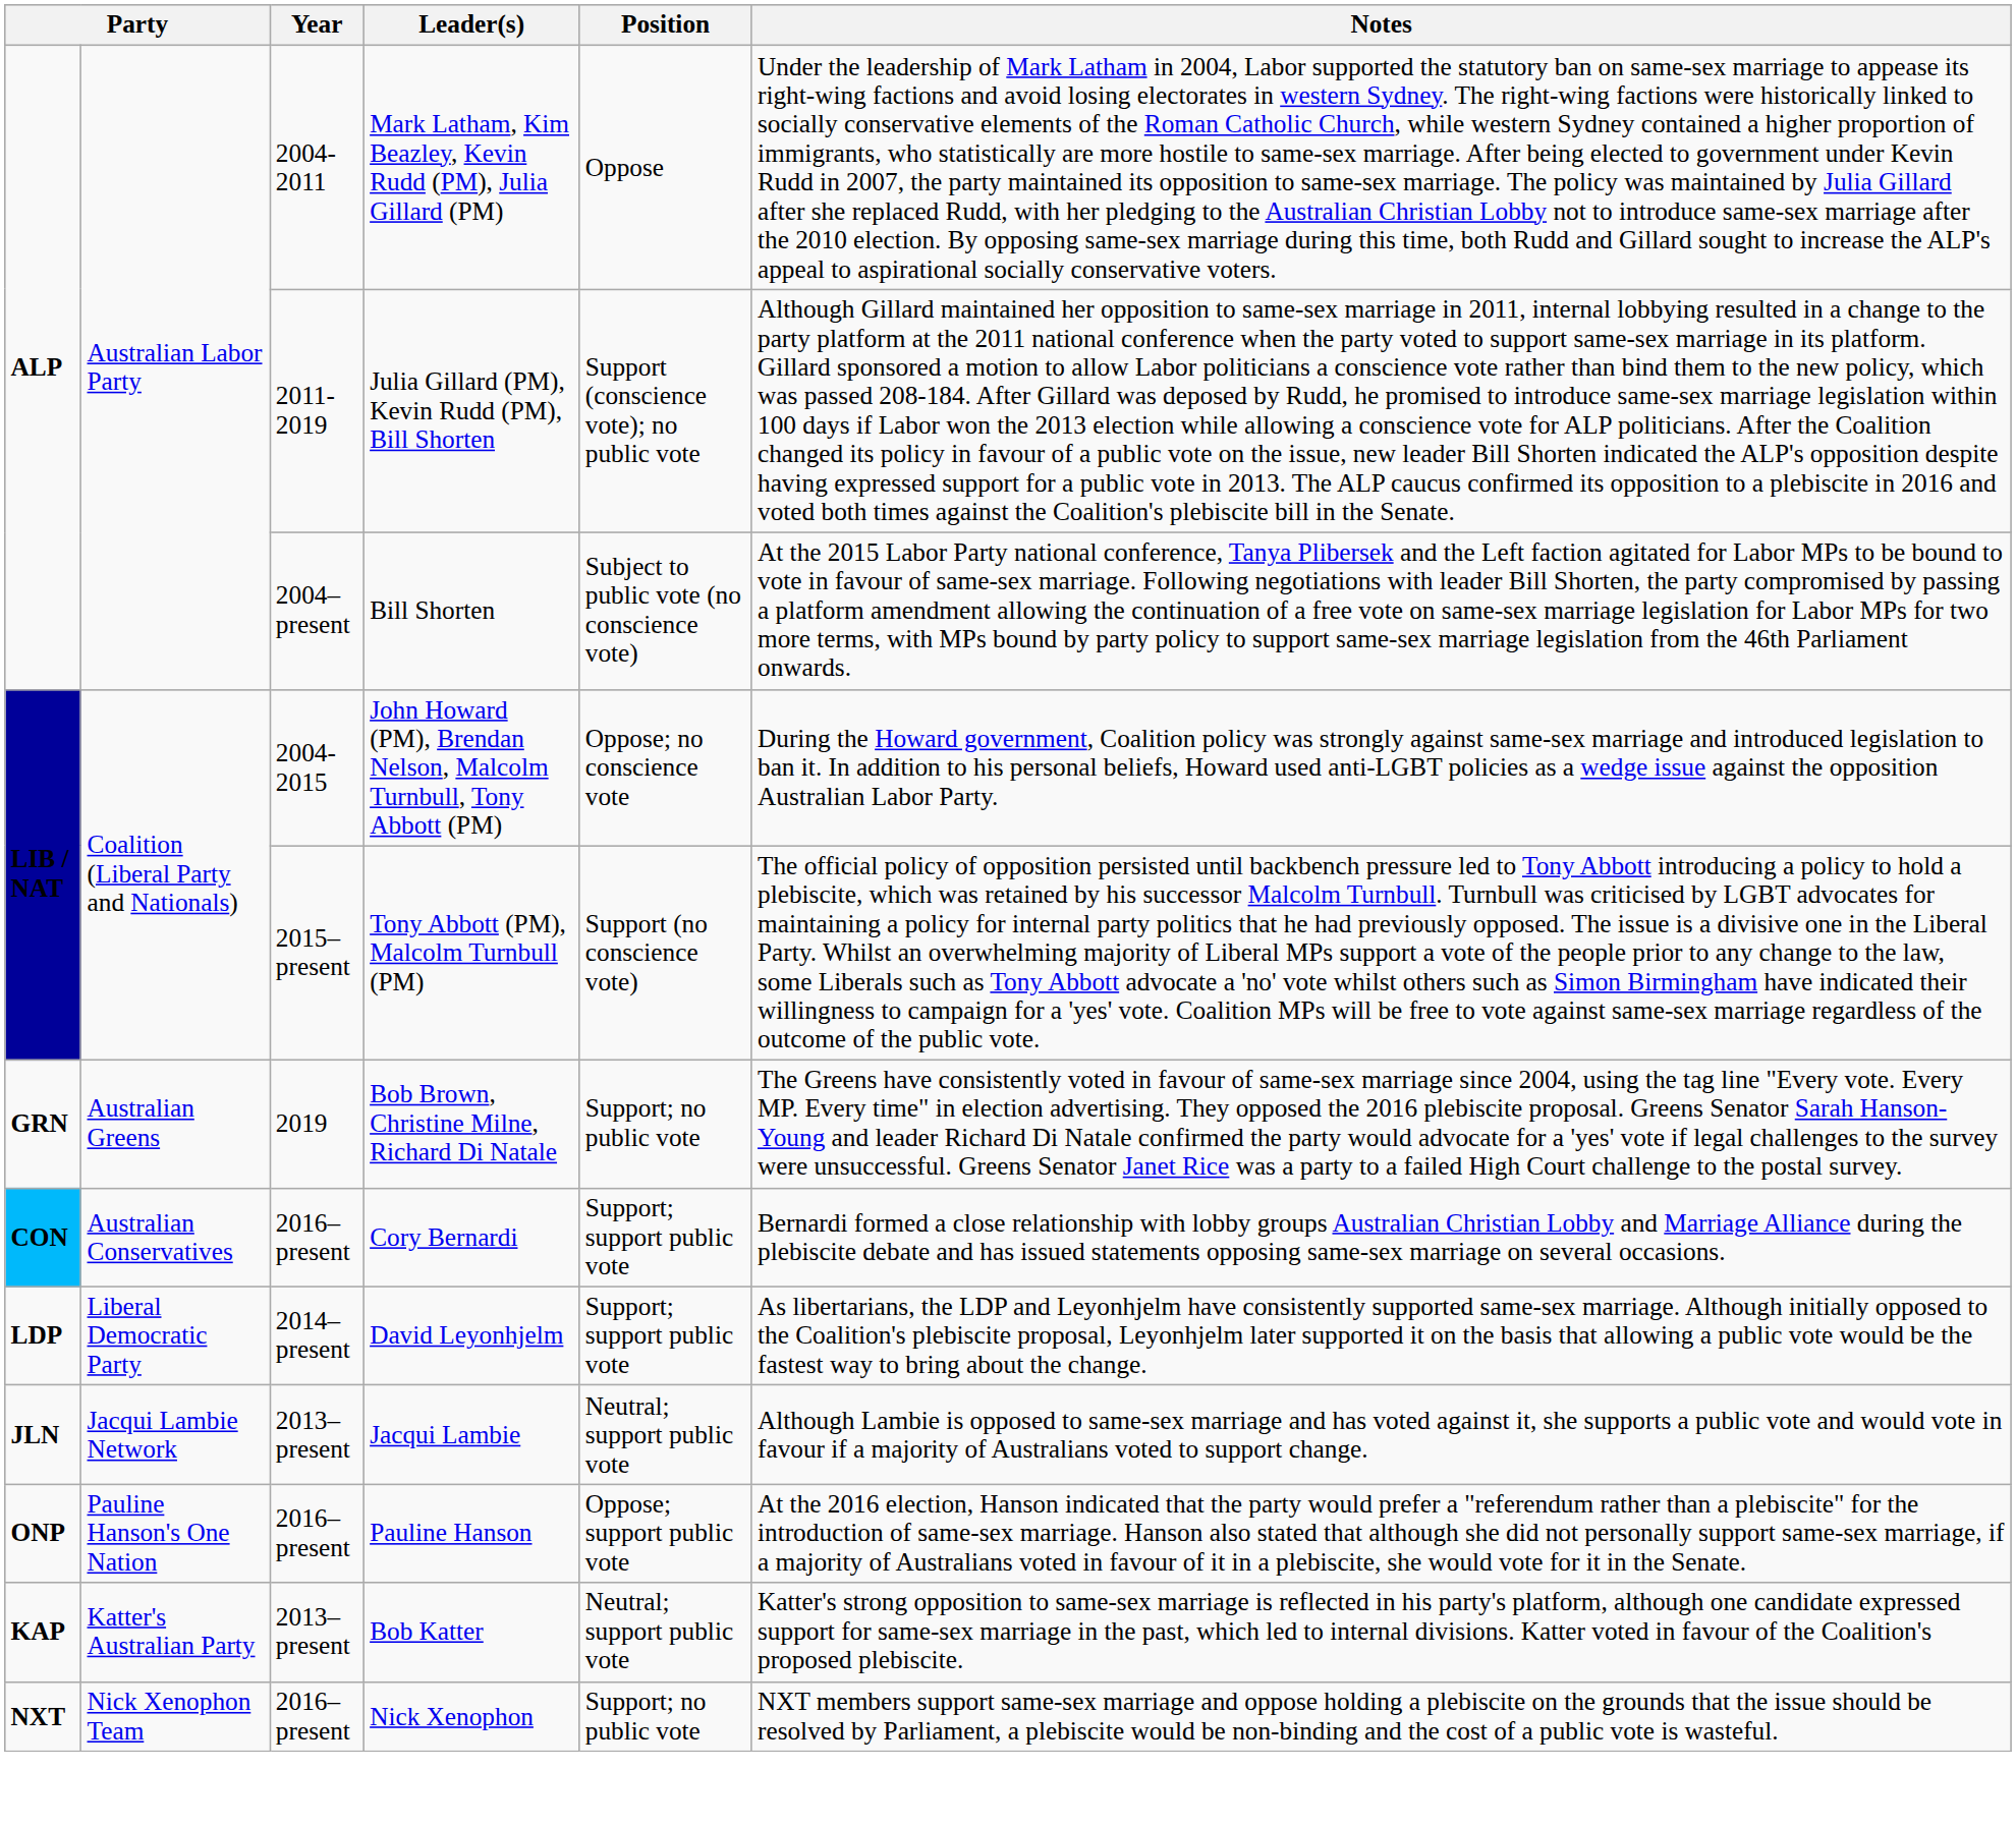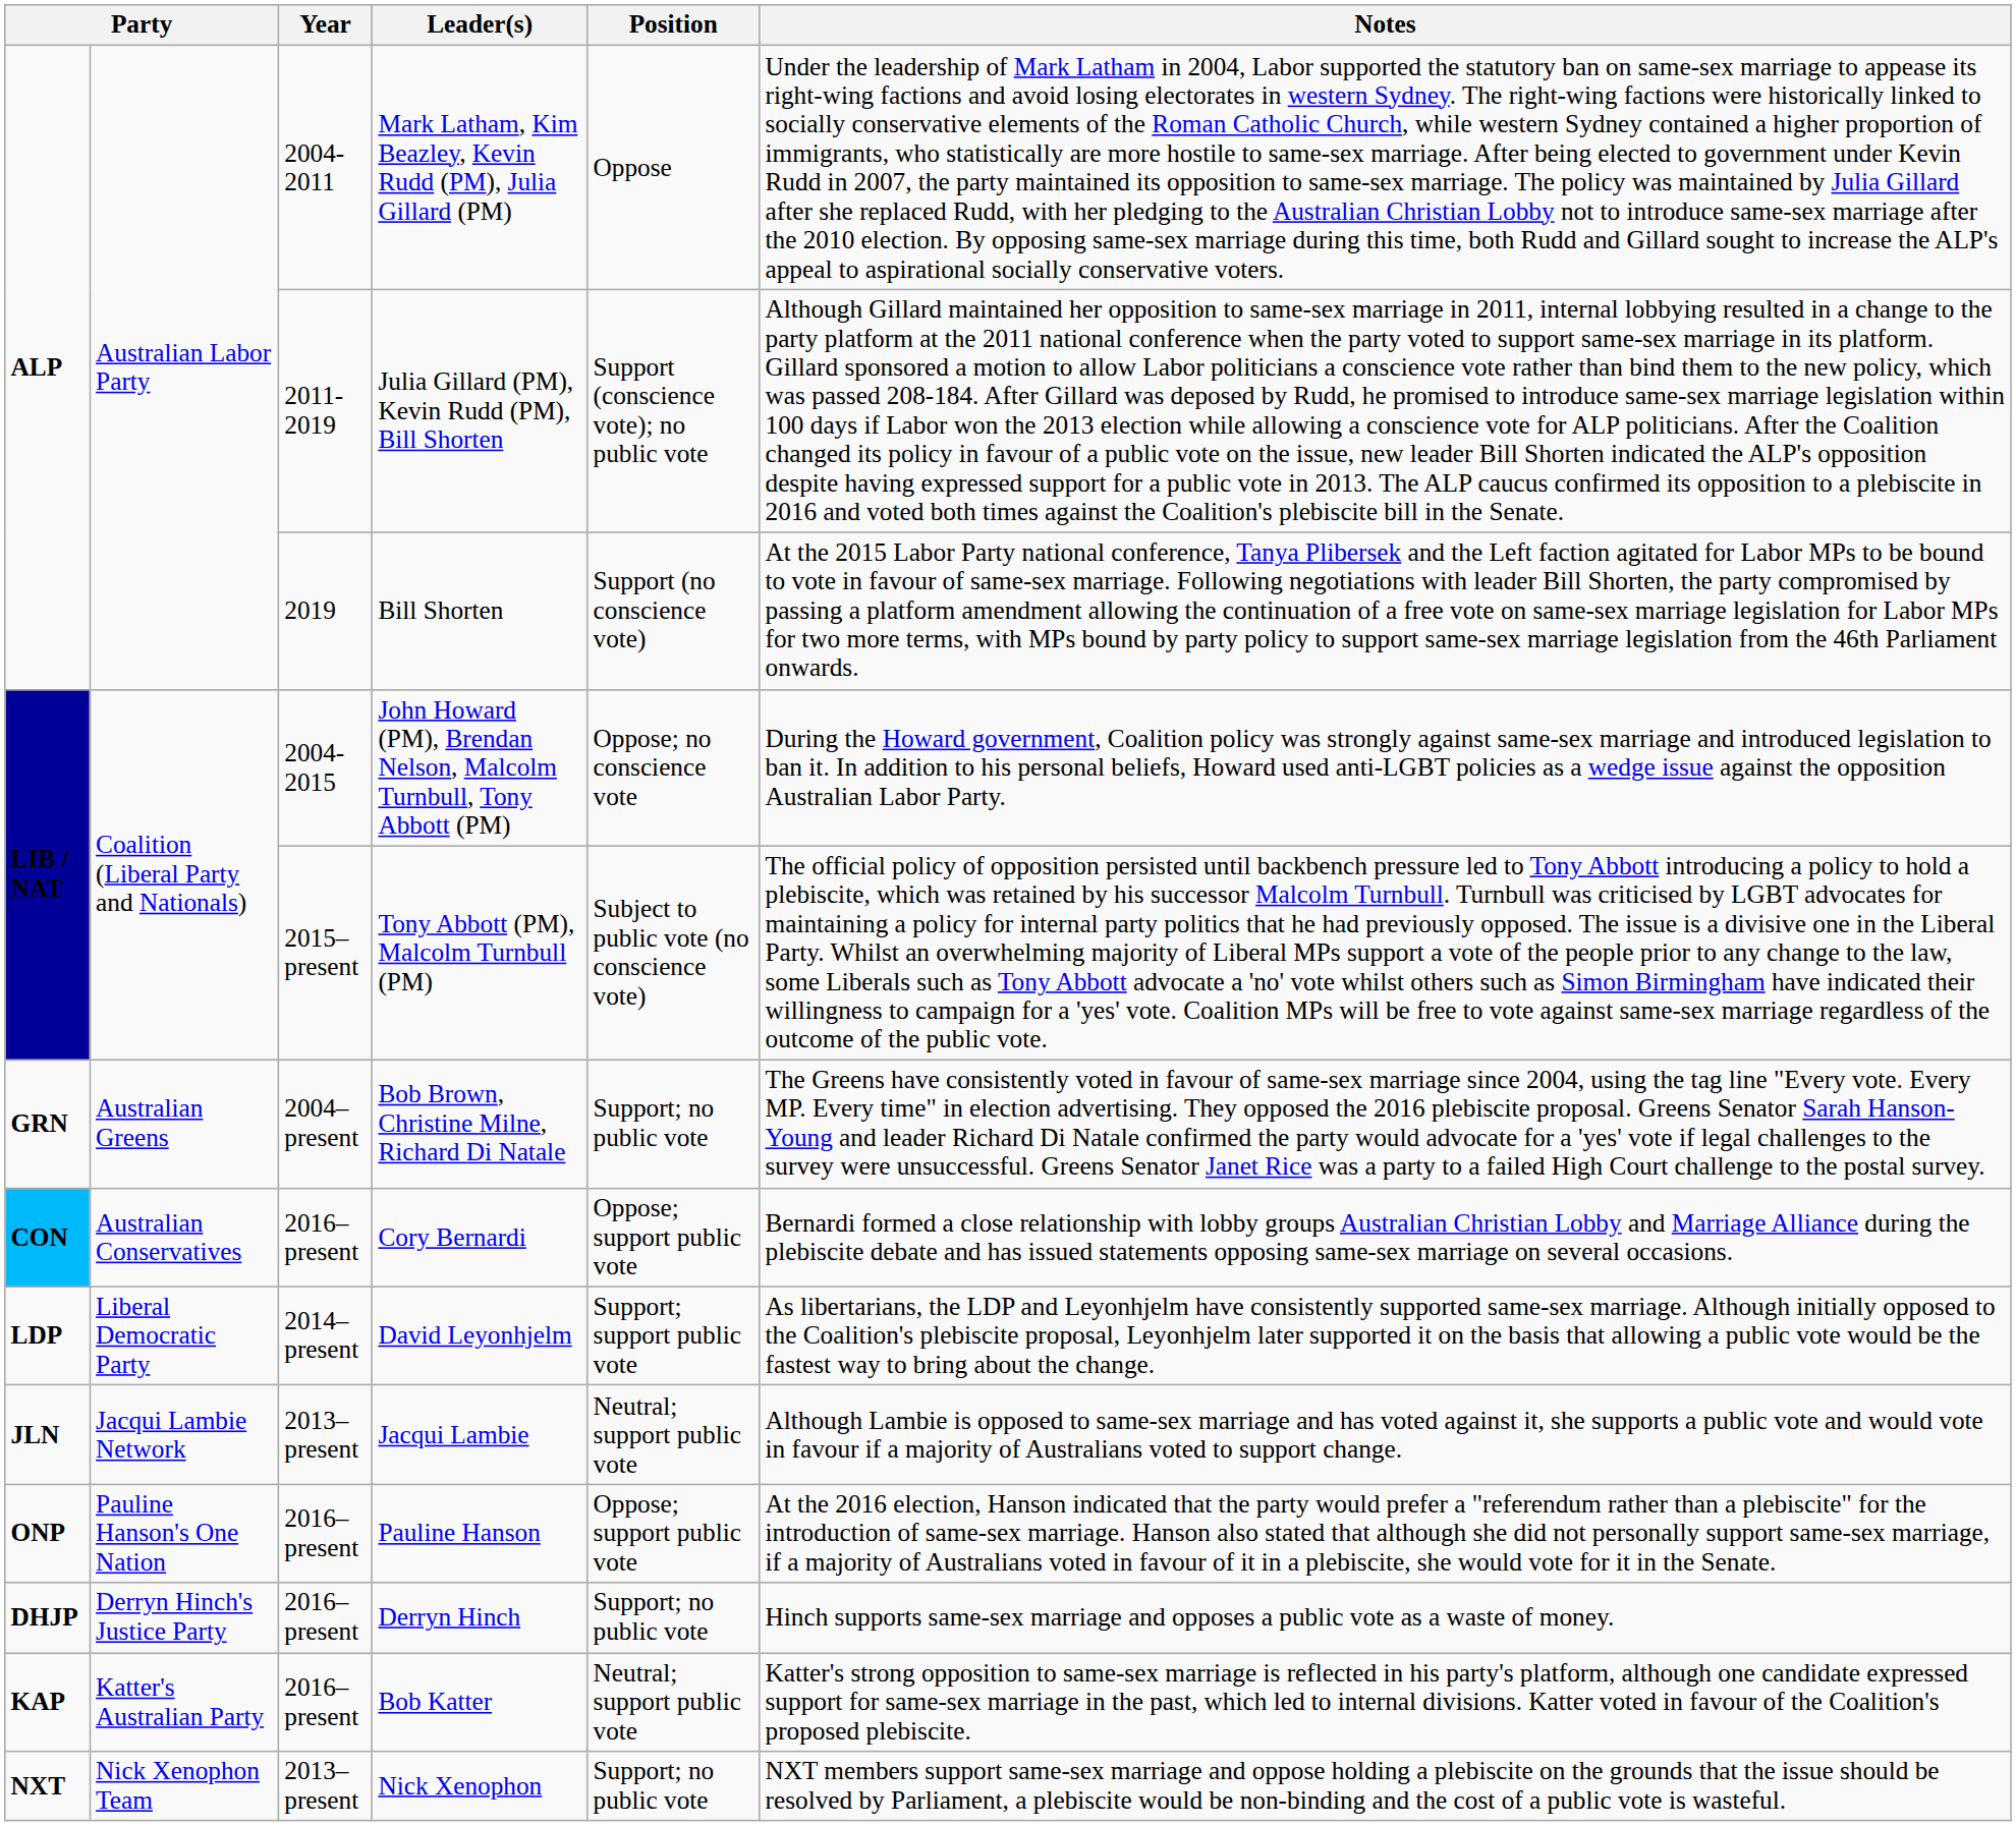 <table class="wikitable sortable">
 <tr>
 <th colspan=2>Party</th>
 <th>Year</th>
 <th class="unsortable">Leader(s)</th>
 <th class="unsortable">Position</th>
 <th class="unsortable">Notes</th>
 </tr>
 <tr>
 <td rowspan="3" style="background:"><span><strong>ALP</strong></span></td>
 <td rowspan="3"><a href='#'>Australian Labor Party</a></td>
 <td>2004-2011</td>
 <td><a href='#'>Mark Latham</a>, <a href='#'>Kim Beazley</a>, <a href='#'>Kevin Rudd</a> (<a href='#'>PM</a>), <a href='#'>Julia Gillard</a> (PM)</td>
 <td>Oppose</td>
 <td>Under the leadership of <a href='#'>Mark Latham</a> in 2004, Labor supported the statutory ban on same-sex marriage to appease its right-wing factions and avoid losing electorates in <a href='#'>western Sydney</a>. The right-wing factions were historically linked to socially conservative elements of the <a href='#'>Roman Catholic Church</a>, while western Sydney contained a higher proportion of immigrants, who statistically are more hostile to same-sex marriage. After being elected to government under Kevin Rudd in 2007, the party maintained its opposition to same-sex marriage. The policy was maintained by <a href='#'>Julia Gillard</a> after she replaced Rudd, with her pledging to the <a href='#'>Australian Christian Lobby</a> not to introduce same-sex marriage after the 2010 election. By opposing same-sex marriage during this time, both Rudd and Gillard sought to increase the ALP's appeal to aspirational socially conservative voters.</td>
 </tr>
 <tr>
 <td>2011-2019</td>
 <td>Julia Gillard (PM), Kevin Rudd (PM), <a href='#'>Bill Shorten</a></td>
 <td>Support (conscience vote); no public vote</td>
 <td>Although Gillard maintained her opposition to same-sex marriage in 2011, internal lobbying resulted in a change to the party platform at the 2011 national conference when the party voted to support same-sex marriage in its platform. Gillard sponsored a motion to allow Labor politicians a conscience vote rather than bind them to the new policy, which was passed 208-184. After Gillard was deposed by Rudd, he promised to introduce same-sex marriage legislation within 100 days if Labor won the 2013 election while allowing a conscience vote for ALP politicians. After the Coalition changed its policy in favour of a public vote on the issue, new leader Bill Shorten indicated the ALP's opposition despite having expressed support for a public vote in 2013. The ALP caucus confirmed its opposition to a plebiscite in 2016 and voted both times against the Coalition's plebiscite bill in the Senate.</td>
 </tr>
 <tr>
-<td>2004–present</td>
+<td>2019</td>
 <td>Bill Shorten</td>
-<td>Subject to public vote (no conscience vote)</td>
+<td>Support (no conscience vote)</td>
 <td>At the 2015 Labor Party national conference, <a href='#'>Tanya Plibersek</a> and the Left faction agitated for Labor MPs to be bound to vote in favour of same-sex marriage. Following negotiations with leader Bill Shorten, the party compromised by passing a platform amendment allowing the continuation of a free vote on same-sex marriage legislation for Labor MPs for two more terms, with MPs bound by party policy to support same-sex marriage legislation from the 46th Parliament onwards.</td>
 </tr>
 <tr>
 <td rowspan="2" style="background:#009;"><span><strong>LIB / NAT</strong></span></td>
 <td rowspan="2"><a href='#'>Coalition</a> (<a href='#'>Liberal Party</a> and <a href='#'>Nationals</a>)</td>
 <td>2004-2015</td>
 <td><a href='#'>John Howard</a> (PM), <a href='#'>Brendan Nelson</a>, <a href='#'>Malcolm Turnbull</a>, <a href='#'>Tony Abbott</a> (PM)</td>
 <td>Oppose; no conscience vote</td>
 <td>During the <a href='#'>Howard government</a>, Coalition policy was strongly against same-sex marriage and introduced legislation to ban it. In addition to his personal beliefs, Howard used anti-LGBT policies as a <a href='#'>wedge issue</a> against the opposition Australian Labor Party.</td>
 </tr>
 <tr>
 <td>2015–present</td>
 <td><a href='#'>Tony Abbott</a> (PM), <a href='#'>Malcolm Turnbull</a> (PM)</td>
-<td>Support (no conscience vote)</td>
+<td>Subject to public vote (no conscience vote)</td>
 <td>The official policy of opposition persisted until backbench pressure led to <a href='#'>Tony Abbott</a> introducing a policy to hold a plebiscite, which was retained by his successor <a href='#'>Malcolm Turnbull</a>. Turnbull was criticised by LGBT advocates for maintaining a policy for internal party politics that he had previously opposed. The issue is a divisive one in the Liberal Party. Whilst an overwhelming majority of Liberal MPs support a vote of the people prior to any change to the law, some Liberals such as <a href='#'>Tony Abbott</a> advocate a 'no' vote whilst others such as <a href='#'>Simon Birmingham</a> have indicated their willingness to campaign for a 'yes' vote. Coalition MPs will be free to vote against same-sex marriage regardless of the outcome of the public vote.</td>
 </tr>
 <tr>
 <td style="background:"><span><strong>GRN</strong></span></td>
 <td><a href='#'>Australian Greens</a></td>
-<td>2019</td>
+<td>2004–present</td>
 <td><a href='#'>Bob Brown</a>, <a href='#'>Christine Milne</a>, <a href='#'>Richard Di Natale</a></td>
 <td>Support; no public vote</td>
 <td>The Greens have consistently voted in favour of same-sex marriage since 2004, using the tag line "Every vote. Every MP. Every time" in election advertising. They opposed the 2016 plebiscite proposal. Greens Senator <a href='#'>Sarah Hanson-Young</a> and leader Richard Di Natale confirmed the party would advocate for a 'yes' vote if legal challenges to the survey were unsuccessful. Greens Senator <a href='#'>Janet Rice</a> was a party to a failed High Court challenge to the postal survey.</td>
 </tr>
 <tr>
 <td style="background:#00B9FB;"><span><strong>CON</strong></span></td>
 <td><a href='#'>Australian Conservatives</a></td>
 <td>2016–present</td>
 <td><a href='#'>Cory Bernardi</a></td>
-<td>Support; support public vote</td>
+<td>Oppose; support public vote</td>
 <td>Bernardi formed a close relationship with lobby groups <a href='#'>Australian Christian Lobby</a> and <a href='#'>Marriage Alliance</a> during the plebiscite debate and has issued statements opposing same-sex marriage on several occasions.</td>
 </tr>
 <tr>
 <td style="background:"><span><strong>LDP</strong></span></td>
 <td><a href='#'>Liberal Democratic Party</a></td>
 <td>2014–present</td>
 <td><a href='#'>David Leyonhjelm</a></td>
 <td>Support; support public vote</td>
 <td>As libertarians, the LDP and Leyonhjelm have consistently supported same-sex marriage. Although initially opposed to the Coalition's plebiscite proposal, Leyonhjelm later supported it on the basis that allowing a public vote would be the fastest way to bring about the change.</td>
 </tr>
 <tr>
 <td style="background:"><span><strong>JLN</strong></span></td>
 <td><a href='#'>Jacqui Lambie Network</a></td>
 <td>2013–present</td>
 <td><a href='#'>Jacqui Lambie</a></td>
 <td>Neutral; support public vote</td>
 <td>Although Lambie is opposed to same-sex marriage and has voted against it, she supports a public vote and would vote in favour if a majority of Australians voted to support change.</td>
 </tr>
 <tr>
 <td style="background:"><span><strong>ONP</strong></span></td>
 <td><a href='#'>Pauline Hanson's One Nation</a></td>
 <td>2016–present</td>
 <td><a href='#'>Pauline Hanson</a></td>
 <td>Oppose; support public vote</td>
 <td>At the 2016 election, Hanson indicated that the party would prefer a "referendum rather than a plebiscite" for the introduction of same-sex marriage. Hanson also stated that although she did not personally support same-sex marriage, if a majority of Australians voted in favour of it in a plebiscite, she would vote for it in the Senate.</td>
 </tr>
 <tr>
+<td style="background:"><span><strong>DHJP</strong></span></td>
+<td><a href='#'>Derryn Hinch's Justice Party</a></td>
+<td>2016–present</td>
+<td><a href='#'>Derryn Hinch</a></td>
+<td>Support; no public vote</td>
+<td>Hinch supports same-sex marriage and opposes a public vote as a waste of money.</td>
+</tr>
+<tr>
 <td style="background:"><span><strong>KAP</strong></span></td>
 <td><a href='#'>Katter's Australian Party</a></td>
-<td>2013–present</td>
+<td>2016–present</td>
 <td><a href='#'>Bob Katter</a></td>
 <td>Neutral; support public vote</td>
 <td>Katter's strong opposition to same-sex marriage is reflected in his party's platform, although one candidate expressed support for same-sex marriage in the past, which led to internal divisions. Katter voted in favour of the Coalition's proposed plebiscite.</td>
 </tr>
 <tr>
 <td style="background:"><span><strong>NXT</strong></span></td>
 <td><a href='#'>Nick Xenophon Team</a></td>
-<td>2016–present</td>
+<td>2013–present</td>
 <td><a href='#'>Nick Xenophon</a></td>
 <td>Support; no public vote</td>
 <td>NXT members support same-sex marriage and oppose holding a plebiscite on the grounds that the issue should be resolved by Parliament, a plebiscite would be non-binding and the cost of a public vote is wasteful.</td>
 </tr>
 </table>
